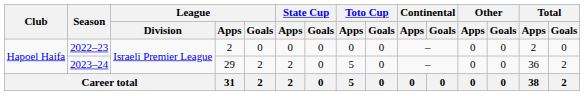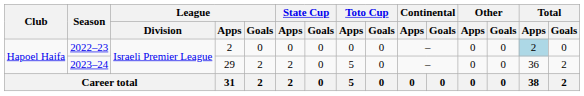 <table class="wikitable" style="text-align: center">
 <tr>
 <th rowspan="2">Club</th>
 <th rowspan="2">Season</th>
 <th colspan="3">League</th>
 <th colspan="2"><a href='#'>State Cup</a></th>
 <th colspan="2"><a href='#'>Toto Cup</a></th>
 <th colspan="2">Continental</th>
 <th colspan="2">Other</th>
 <th colspan="2">Total</th>
 </tr>
 <tr>
 <th>Division</th>
 <th>Apps</th>
 <th>Goals</th>
 <th>Apps</th>
 <th>Goals</th>
 <th>Apps</th>
 <th>Goals</th>
 <th>Apps</th>
 <th>Goals</th>
 <th>Apps</th>
 <th>Goals</th>
 <th>Apps</th>
 <th>Goals</th>
 </tr>
 <tr>
 <td rowspan="2"><a href='#'>Hapoel Haifa</a></td>
 <td><a href='#'>2022–23</a></td>
 <td rowspan="2"><a href='#'>Israeli Premier League</a></td>
 <td>2</td>
 <td>0</td>
 <td>0</td>
 <td>0</td>
 <td>0</td>
 <td>0</td>
 <td colspan="2">–</td>
 <td>0</td>
 <td>0</td>
-<td>2</td>
+<td style="background: lightblue;">2</td>
 <td>0</td>
 </tr>
 <tr>
 <td><a href='#'>2023–24</a></td>
 <td>29</td>
 <td>2</td>
 <td>2</td>
 <td>0</td>
 <td>5</td>
 <td>0</td>
 <td colspan="2">–</td>
 <td>0</td>
 <td>0</td>
 <td>36</td>
 <td>2</td>
 </tr>
 <tr>
 <th colspan="3"><strong>Career total</strong></th>
 <th>31</th>
 <th>2</th>
 <th>2</th>
 <th>0</th>
 <th>5</th>
 <th>0</th>
 <th>0</th>
 <th>0</th>
 <th>0</th>
 <th>0</th>
 <th>38</th>
 <th>2</th>
 </tr>
 </table>
